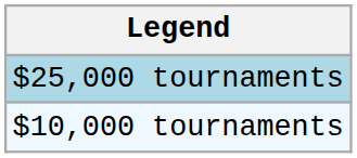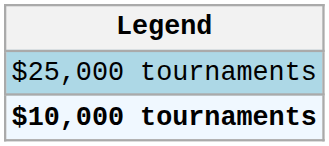 <table class="wikitable" style="font-size:90%;">
 <tr>
 <th>Legend</th>
 </tr>
 <tr bgcolor="lightblue">
 <td>$25,000 tournaments</td>
 </tr>
 <tr bgcolor="#f0f8ff">
-<td>$10,000 tournaments</td>
+<td><strong>$10,000 tournaments</strong></td>
 </tr>
 </table>
